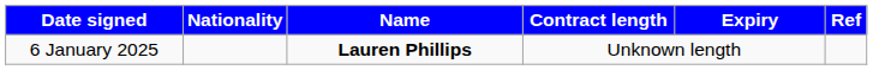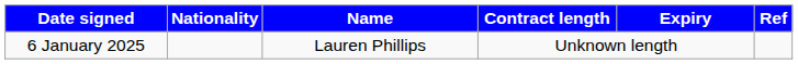 <table class="wikitable"  style="text-align:center; font-size:90%; ">
 <tr>
 <th style="background:#0000FF; color:#FFFFFF; width:130px;">Date signed</th>
 <th style="background:#0000FF; color:#FFFFFF; width:50px;">Nationality</th>
 <th style="background:#0000FF; color:#FFFFFF; width:175px;">Name</th>
 <th style="background:#0000FF; color:#FFFFFF; width:110px;">Contract length</th>
 <th style="background:#0000FF; color:#FFFFFF; width:110px;">Expiry</th>
 <th style="background:#0000FF; color:#FFFFFF; width:25px;">Ref</th>
 </tr>
 <tr>
 <td>6 January 2025</td>
 <td></td>
-<td><strong>Lauren Phillips</strong></td>
+<td>Lauren Phillips</td>
 <td colspan=2>Unknown length</td>
 <td></td>
 </tr>
 </table>
